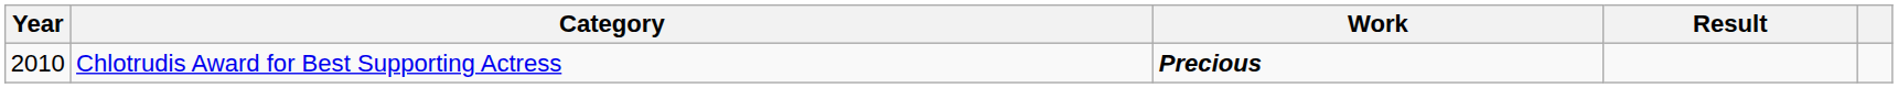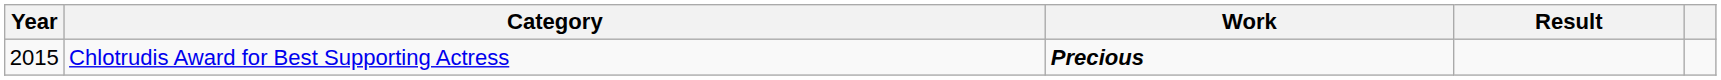 <table class="wikitable">
 <tr>
 <th scope="col" style="width:1em;">Year</th>
 <th scope="col" style="width:44em;">Category</th>
 <th scope="col" style="width:18em;">Work</th>
 <th scope="col" style="width:10em;">Result</th>
 <th class="unsortable" style="width:1em;"></th>
 </tr>
 <tr>
-<td>2010</td>
+<td>2015</td>
 <td><a href='#'>Chlotrudis Award for Best Supporting Actress</a></td>
 <td><strong><em>Precious</em></strong></td>
 <td></td>
 <td></td>
 </tr>
 </table>
